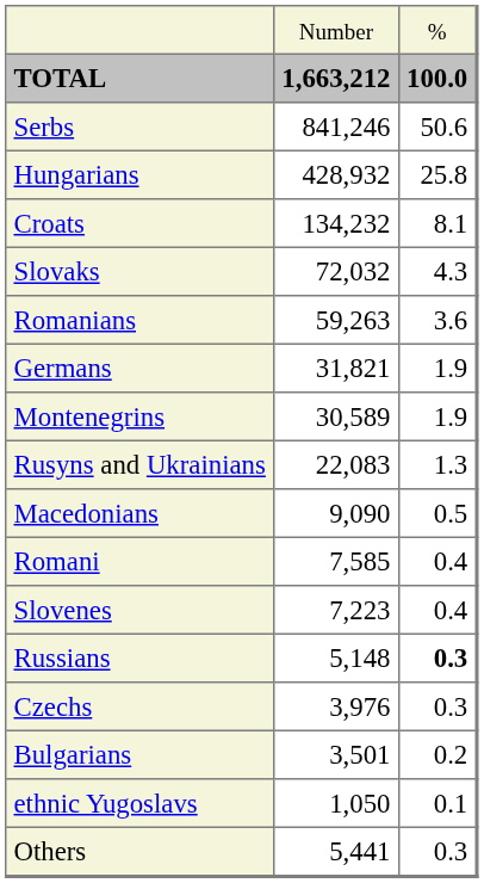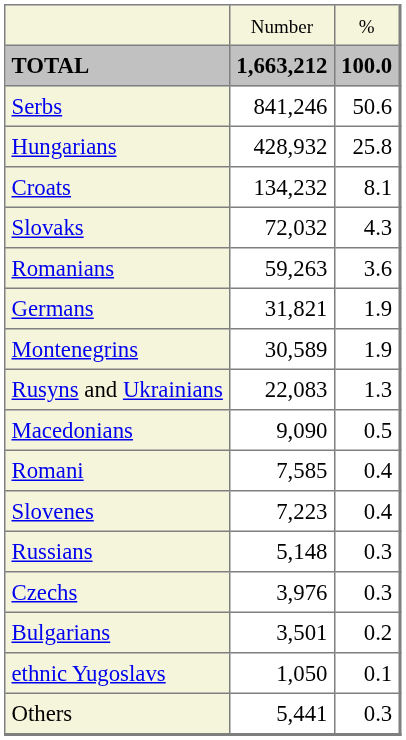 <table border=1 cellpadding=4 cellspacing=0 class="toccolours" style="align: left; margin: 0.5em 0 0 0; border-style: solid; border: 1px solid #7f7f7f; border-right-width: 2px; border-bottom-width: 2px; border-collapse: collapse; font-size: 95%;">
 <tr>
 <td style="background:#F5F5DC;"></td>
 <td style="background:#F5F5DC;" align="center"><small>Number</small></td>
 <td style="background:#F5F5DC;" align="center"><small>%</small></td>
 </tr>
 <tr>
 <td style="background:#c1c1c1;"><strong>TOTAL</strong></td>
 <td colspan=1 style="background:#c1c1c1;" align="center"><strong>1,663,212</strong></td>
 <td colspan=1 style="background:#c1c1c1;" align="center"><strong>100.0</strong></td>
 </tr>
 <tr>
 <td style="background:#F5F5DC;"><a href='#'>Serbs</a></td>
 <td align="right">841,246</td>
 <td align="right">50.6</td>
 </tr>
 <tr>
 <td style="background:#F5F5DC;"><a href='#'>Hungarians</a></td>
 <td align="right">428,932</td>
 <td align="right">25.8</td>
 </tr>
 <tr>
 <td style="background:#F5F5DC;"><a href='#'>Croats</a></td>
 <td align="right">134,232</td>
 <td align="right">8.1</td>
 </tr>
 <tr>
 <td style="background:#F5F5DC;"><a href='#'>Slovaks</a></td>
 <td align="right">72,032</td>
 <td align="right">4.3</td>
 </tr>
 <tr>
 <td style="background:#F5F5DC;"><a href='#'>Romanians</a></td>
 <td align="right">59,263</td>
 <td align="right">3.6</td>
 </tr>
 <tr>
 <td style="background:#F5F5DC;"><a href='#'>Germans</a></td>
 <td align="right">31,821</td>
 <td align="right">1.9</td>
 </tr>
 <tr>
 <td style="background:#F5F5DC;"><a href='#'>Montenegrins</a></td>
 <td align="right">30,589</td>
 <td align="right">1.9</td>
 </tr>
 <tr>
 <td style="background:#F5F5DC;"><a href='#'>Rusyns</a> and <a href='#'>Ukrainians</a></td>
 <td align="right">22,083</td>
 <td align="right">1.3</td>
 </tr>
 <tr>
 <td style="background:#F5F5DC;"><a href='#'>Macedonians</a></td>
 <td align="right">9,090</td>
 <td align="right">0.5</td>
 </tr>
 <tr>
 <td style="background:#F5F5DC;"><a href='#'>Romani</a></td>
 <td align="right">7,585</td>
 <td align="right">0.4</td>
 </tr>
 <tr>
 <td style="background:#F5F5DC;"><a href='#'>Slovenes</a></td>
 <td align="right">7,223</td>
 <td align="right">0.4</td>
 </tr>
 <tr>
 <td style="background:#F5F5DC;"><a href='#'>Russians</a></td>
 <td align="right">5,148</td>
-<td align="right"><strong>0.3</strong></td>
+<td align="right">0.3</td>
 </tr>
 <tr>
 <td style="background:#F5F5DC;"><a href='#'>Czechs</a></td>
 <td align="right">3,976</td>
 <td align="right">0.3</td>
 </tr>
 <tr>
 <td style="background:#F5F5DC;"><a href='#'>Bulgarians</a></td>
 <td align="right">3,501</td>
 <td align="right">0.2</td>
 </tr>
 <tr>
 <td style="background:#F5F5DC;"><a href='#'>ethnic Yugoslavs</a></td>
 <td align="right">1,050</td>
 <td align="right">0.1</td>
 </tr>
 <tr>
 <td style="background:#F5F5DC;">Others</td>
 <td align="right">5,441</td>
 <td align="right">0.3</td>
 </tr>
 </table>
